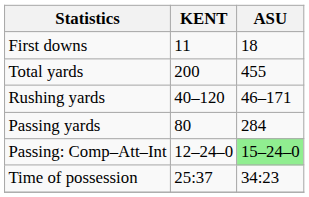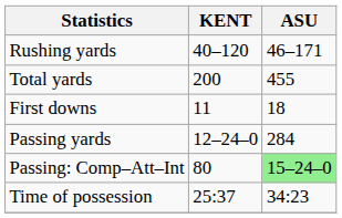 <table class="wikitable" style="float: left;">
 <tr>
 <th>Statistics</th>
 <th>KENT</th>
 <th>ASU</th>
 </tr>
 <tr>
-<td>First downs</td>
-<td>11</td>
-<td>18</td>
+<td>Rushing yards</td>
+<td>40–120</td>
+<td>46–171</td>
 </tr>
 <tr>
 <td>Total yards</td>
 <td>200</td>
 <td>455</td>
 </tr>
 <tr>
-<td>Rushing yards</td>
-<td>40–120</td>
-<td>46–171</td>
+<td>First downs</td>
+<td>11</td>
+<td>18</td>
 </tr>
 <tr>
 <td>Passing yards</td>
-<td>80</td>
+<td>12–24–0</td>
 <td>284</td>
 </tr>
 <tr>
 <td>Passing: Comp–Att–Int</td>
-<td>12–24–0</td>
+<td>80</td>
 <td style="background: lightgreen;">15–24–0</td>
 </tr>
 <tr>
 <td>Time of possession</td>
 <td>25:37</td>
 <td>34:23</td>
 </tr>
 <tr>
 </tr>
 </table>
